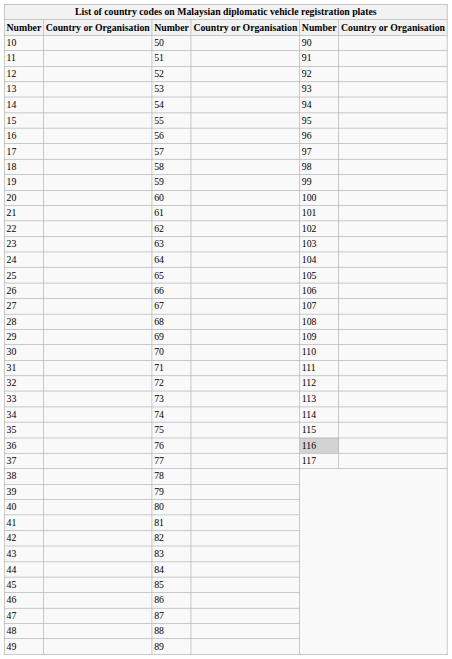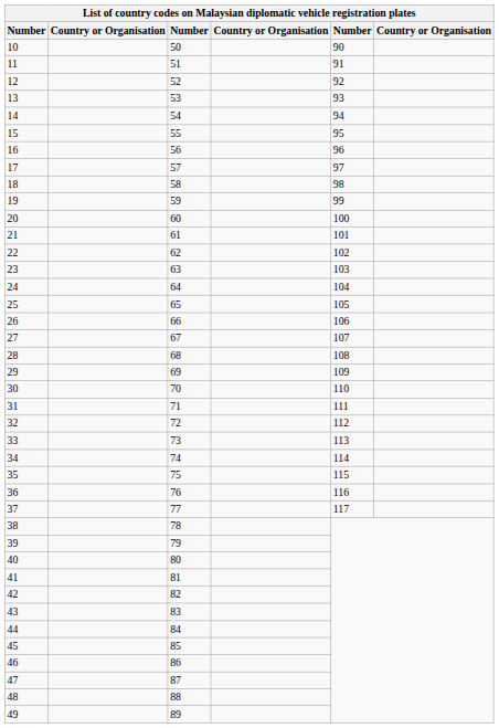 <table class="wikitable top">
 <tr>
 <th colspan="6">List of country codes on Malaysian diplomatic vehicle registration plates</th>
 </tr>
 <tr>
 <th>Number</th>
 <th>Country or Organisation</th>
 <th>Number</th>
 <th>Country or Organisation</th>
 <th>Number</th>
 <th>Country or Organisation</th>
 </tr>
 <tr>
 <td>10</td>
 <td></td>
 <td>50</td>
 <td></td>
 <td>90</td>
 <td></td>
 </tr>
 <tr>
 <td>11</td>
 <td></td>
 <td>51</td>
 <td></td>
 <td>91</td>
 <td></td>
 </tr>
 <tr>
 <td>12</td>
 <td></td>
 <td>52</td>
 <td></td>
 <td>92</td>
 <td></td>
 </tr>
 <tr>
 <td>13</td>
 <td></td>
 <td>53</td>
 <td></td>
 <td>93</td>
 <td></td>
 </tr>
 <tr>
 <td>14</td>
 <td></td>
 <td>54</td>
 <td></td>
 <td>94</td>
 <td></td>
 </tr>
 <tr>
 <td>15</td>
 <td></td>
 <td>55</td>
 <td></td>
 <td>95</td>
 <td></td>
 </tr>
 <tr>
 <td>16</td>
 <td></td>
 <td>56</td>
 <td></td>
 <td>96</td>
 <td></td>
 </tr>
 <tr>
 <td>17</td>
 <td></td>
 <td>57</td>
 <td></td>
 <td>97</td>
 <td></td>
 </tr>
 <tr>
 <td>18</td>
 <td></td>
 <td>58</td>
 <td></td>
 <td>98</td>
 <td></td>
 </tr>
 <tr>
 <td>19</td>
 <td></td>
 <td>59</td>
 <td></td>
 <td>99</td>
 <td></td>
 </tr>
 <tr>
 <td>20</td>
 <td></td>
 <td>60</td>
 <td></td>
 <td>100</td>
 <td></td>
 </tr>
 <tr>
 <td>21</td>
 <td></td>
 <td>61</td>
 <td></td>
 <td>101</td>
 <td></td>
 </tr>
 <tr>
 <td>22</td>
 <td></td>
 <td>62</td>
 <td></td>
 <td>102</td>
 <td></td>
 </tr>
 <tr>
 <td>23</td>
 <td></td>
 <td>63</td>
 <td></td>
 <td>103</td>
 <td></td>
 </tr>
 <tr>
 <td>24</td>
 <td></td>
 <td>64</td>
 <td></td>
 <td>104</td>
 <td></td>
 </tr>
 <tr>
 <td>25</td>
 <td></td>
 <td>65</td>
 <td></td>
 <td>105</td>
 <td></td>
 </tr>
 <tr>
 <td>26</td>
 <td></td>
 <td>66</td>
 <td></td>
 <td>106</td>
 <td></td>
 </tr>
 <tr>
 <td>27</td>
 <td></td>
 <td>67</td>
 <td></td>
 <td>107</td>
 <td></td>
 </tr>
 <tr>
 <td>28</td>
 <td></td>
 <td>68</td>
 <td></td>
 <td>108</td>
 <td></td>
 </tr>
 <tr>
 <td>29</td>
 <td></td>
 <td>69</td>
 <td></td>
 <td>109</td>
 <td></td>
 </tr>
 <tr>
 <td>30</td>
 <td></td>
 <td>70</td>
 <td></td>
 <td>110</td>
 <td></td>
 </tr>
 <tr>
 <td>31</td>
 <td></td>
 <td>71</td>
 <td></td>
 <td>111</td>
 <td></td>
 </tr>
 <tr>
 <td>32</td>
 <td></td>
 <td>72</td>
 <td></td>
 <td>112</td>
 <td></td>
 </tr>
 <tr>
 <td>33</td>
 <td></td>
 <td>73</td>
 <td></td>
 <td>113</td>
 <td></td>
 </tr>
 <tr>
 <td>34</td>
 <td></td>
 <td>74</td>
 <td></td>
 <td>114</td>
 <td></td>
 </tr>
 <tr>
 <td>35</td>
 <td></td>
 <td>75</td>
 <td></td>
 <td>115</td>
 <td></td>
 </tr>
 <tr>
 <td>36</td>
 <td></td>
 <td>76</td>
 <td></td>
-<td style="background: lightgrey;">116</td>
+<td>116</td>
 <td></td>
 </tr>
 <tr>
 <td>37</td>
 <td></td>
 <td>77</td>
 <td></td>
 <td>117</td>
 <td></td>
 </tr>
 <tr>
 <td>38</td>
 <td></td>
 <td>78</td>
 <td></td>
 </tr>
 <tr>
 <td>39</td>
 <td></td>
 <td>79</td>
 <td></td>
 </tr>
 <tr>
 <td>40</td>
 <td></td>
 <td>80</td>
 <td></td>
 </tr>
 <tr>
 <td>41</td>
 <td></td>
 <td>81</td>
 <td></td>
 </tr>
 <tr>
 <td>42</td>
 <td></td>
 <td>82</td>
 <td></td>
 </tr>
 <tr>
 <td>43</td>
 <td></td>
 <td>83</td>
 <td></td>
 </tr>
 <tr>
 <td>44</td>
 <td></td>
 <td>84</td>
 <td></td>
 </tr>
 <tr>
 <td>45</td>
 <td></td>
 <td>85</td>
 <td></td>
 </tr>
 <tr>
 <td>46</td>
 <td></td>
 <td>86</td>
 <td></td>
 </tr>
 <tr>
 <td>47</td>
 <td></td>
 <td>87</td>
 <td></td>
 </tr>
 <tr>
 <td>48</td>
 <td></td>
 <td>88</td>
 <td></td>
 </tr>
 <tr>
 <td>49</td>
 <td></td>
 <td>89</td>
 <td></td>
 </tr>
 </table>
